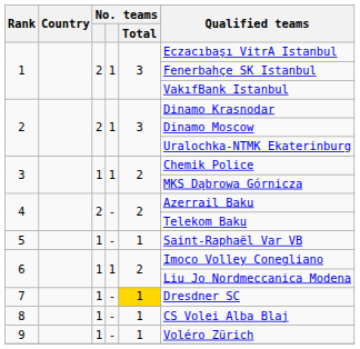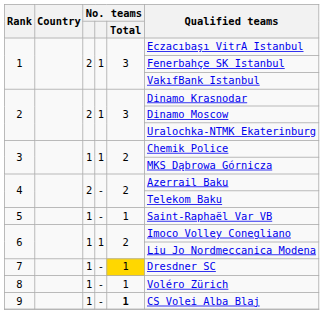 <table class="wikitable" style="text-align:center">
 <tr>
 <th rowspan=2>Rank</th>
 <th rowspan=2>Country</th>
 <th colspan=3>No. teams</th>
 <th rowspan=2>Qualified teams</th>
 </tr>
 <tr>
 <th></th>
 <th></th>
 <th>Total</th>
 </tr>
 <tr>
 <td rowspan="3">1</td>
 <td align="left" rowspan="3"></td>
 <td rowspan="3">2</td>
 <td rowspan="3">1</td>
 <td rowspan="3">3</td>
 <td align="left"><a href='#'>Eczacıbaşı VitrA Istanbul</a></td>
 </tr>
 <tr>
 <td align="left"><a href='#'>Fenerbahçe SK Istanbul</a></td>
 </tr>
 <tr>
 <td align="left"><a href='#'>VakıfBank Istanbul</a></td>
 </tr>
 <tr>
 <td rowspan="3">2</td>
 <td align="left" rowspan="3"></td>
 <td rowspan="3">2</td>
 <td rowspan="3">1</td>
 <td rowspan="3">3</td>
 <td align="left"><a href='#'>Dinamo Krasnodar</a></td>
 </tr>
 <tr>
 <td align="left"><a href='#'>Dinamo Moscow</a></td>
 </tr>
 <tr>
 <td align="left"><a href='#'>Uralochka-NTMK Ekaterinburg</a></td>
 </tr>
 <tr>
 <td rowspan="2">3</td>
 <td align="left" rowspan="2"></td>
 <td rowspan="2">1</td>
 <td rowspan="2">1</td>
 <td rowspan="2">2</td>
 <td align="left"><a href='#'>Chemik Police</a></td>
 </tr>
 <tr>
 <td align="left"><a href='#'>MKS Dąbrowa Górnicza</a></td>
 </tr>
 <tr>
 <td rowspan="2">4</td>
 <td align="left" rowspan="2"></td>
 <td rowspan="2">2</td>
 <td rowspan="2">-</td>
 <td rowspan="2">2</td>
 <td align="left"><a href='#'>Azerrail Baku</a></td>
 </tr>
 <tr>
 <td align="left"><a href='#'>Telekom Baku</a></td>
 </tr>
 <tr>
 <td>5</td>
 <td align="left"></td>
 <td>1</td>
 <td>-</td>
 <td>1</td>
 <td align="left"><a href='#'>Saint-Raphaël Var VB</a></td>
 </tr>
 <tr>
 <td rowspan="2">6</td>
 <td align="left" rowspan="2"></td>
 <td rowspan="2">1</td>
 <td rowspan="2">1</td>
 <td rowspan="2">2</td>
 <td align="left"><a href='#'>Imoco Volley Conegliano</a></td>
 </tr>
 <tr>
 <td align="left"><a href='#'>Liu Jo Nordmeccanica Modena</a></td>
 </tr>
 <tr>
 <td>7</td>
 <td align="left"></td>
 <td>1</td>
 <td>-</td>
 <td style="background: gold;">1</td>
 <td align="left"><a href='#'>Dresdner SC</a></td>
 </tr>
 <tr>
 <td>8</td>
 <td align="left"></td>
 <td>1</td>
 <td>-</td>
 <td>1</td>
-<td align="left"><a href='#'>CS Volei Alba Blaj</a></td>
+<td align="left"><a href='#'>Voléro Zürich</a></td>
 </tr>
 <tr>
 <td>9</td>
 <td align="left"></td>
 <td>1</td>
 <td>-</td>
-<td>1</td>
-<td align="left"><a href='#'>Voléro Zürich</a></td>
+<td><strong>1</strong></td>
+<td align="left"><a href='#'>CS Volei Alba Blaj</a></td>
 </tr>
 <tr>
 </tr>
 </table>
